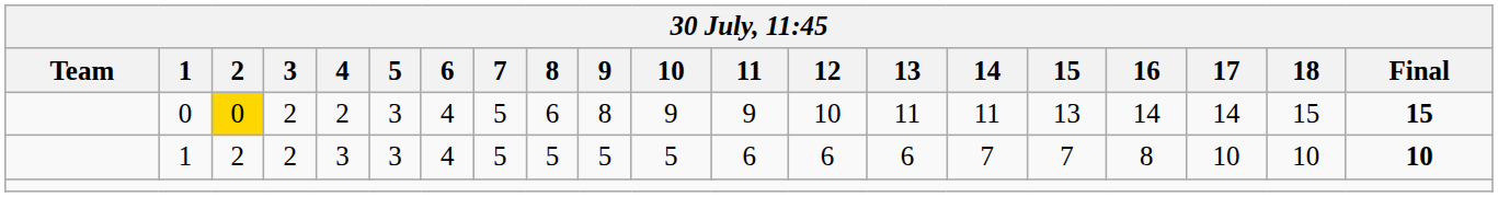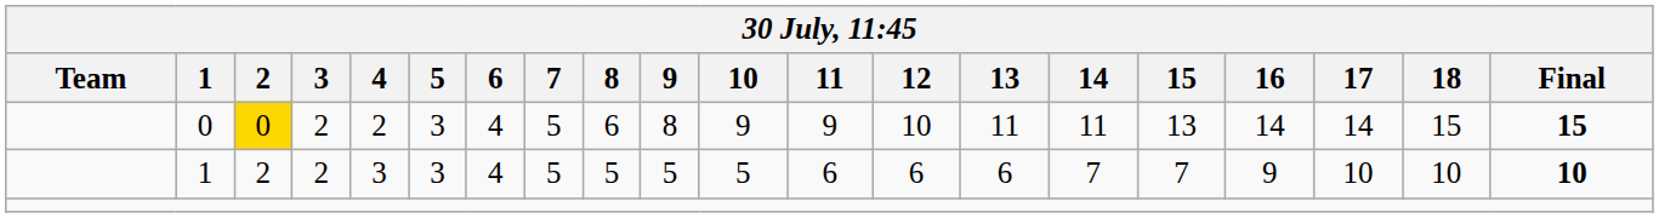 <table class=wikitable style="text-align:center; width: 55%">
 <tr>
 <th colspan=20><em>30 July, 11:45</em></th>
 </tr>
 <tr>
 <th>Team</th>
 <th>1</th>
 <th>2</th>
 <th>3</th>
 <th>4</th>
 <th>5</th>
 <th>6</th>
 <th>7</th>
 <th>8</th>
 <th>9</th>
 <th>10</th>
 <th>11</th>
 <th>12</th>
 <th>13</th>
 <th>14</th>
 <th>15</th>
 <th>16</th>
 <th>17</th>
 <th>18</th>
 <th>Final</th>
 </tr>
 <tr>
 <td align=left><strong></strong></td>
 <td>0</td>
 <td style="background: gold;">0</td>
 <td>2</td>
 <td>2</td>
 <td>3</td>
 <td>4</td>
 <td>5</td>
 <td>6</td>
 <td>8</td>
 <td>9</td>
 <td>9</td>
 <td>10</td>
 <td>11</td>
 <td>11</td>
 <td>13</td>
 <td>14</td>
 <td>14</td>
 <td>15</td>
 <td><strong>15</strong></td>
 </tr>
 <tr>
 <td align=left></td>
 <td>1</td>
 <td>2</td>
 <td>2</td>
 <td>3</td>
 <td>3</td>
 <td>4</td>
 <td>5</td>
 <td>5</td>
 <td>5</td>
 <td>5</td>
 <td>6</td>
 <td>6</td>
 <td>6</td>
 <td>7</td>
 <td>7</td>
-<td>8</td>
+<td>9</td>
 <td>10</td>
 <td>10</td>
 <td><strong>10</strong></td>
 </tr>
 <tr>
 <td colspan=20></td>
 </tr>
 </table>
